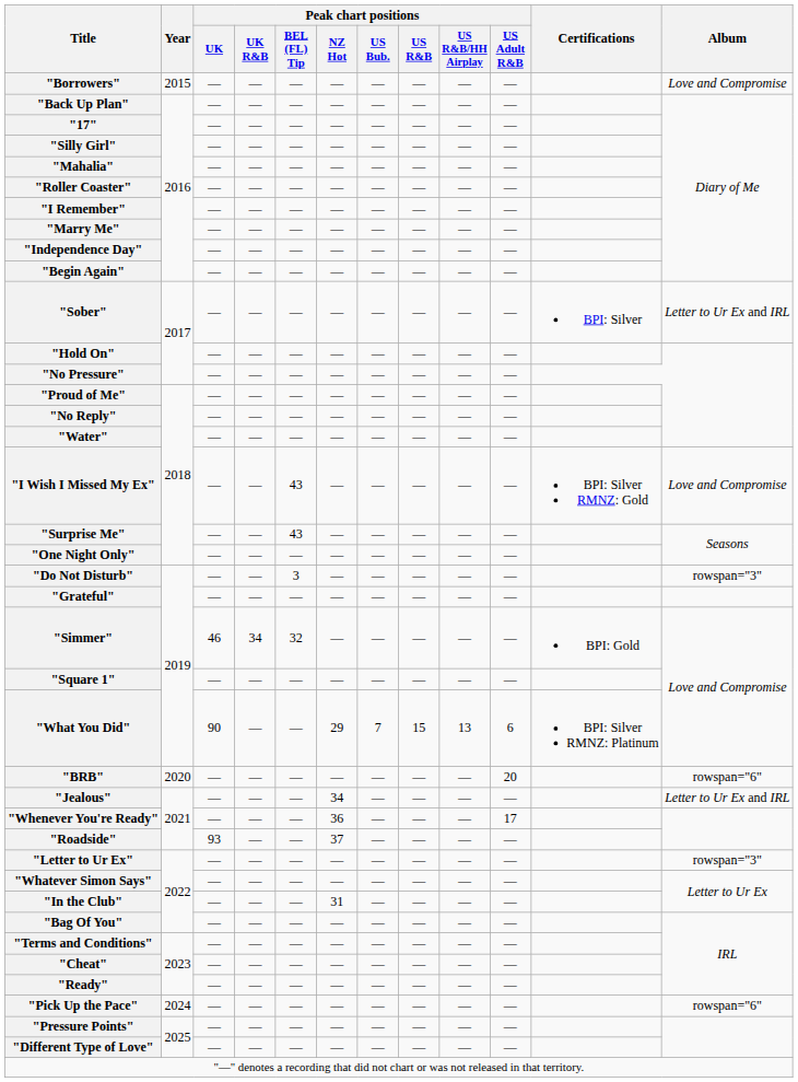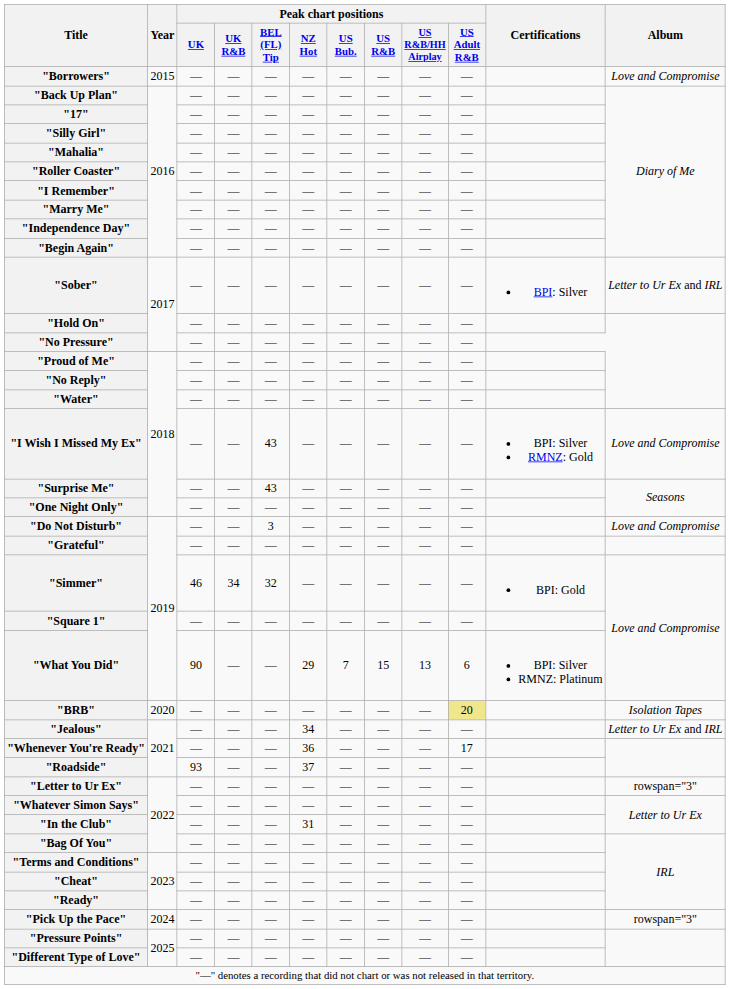 <table class="wikitable plainrowheaders" style="text-align:center;">
 <tr>
 <th scope="col" rowspan="2">Title</th>
 <th scope="col" rowspan="2">Year</th>
 <th scope="col" colspan="8">Peak chart positions</th>
 <th scope="col" rowspan="2">Certifications</th>
 <th scope="col" rowspan="2">Album</th>
 </tr>
 <tr>
 <th scope="col" style="width:3em;font-size:90%;"><a href='#'>UK</a><br></th>
 <th scope="col" style="width:3em;font-size:90%;"><a href='#'>UK<br>R&B</a><br></th>
 <th scope="col" style="width:3em;font-size:90%;"><a href='#'>BEL<br>(FL)<br>Tip</a><br></th>
 <th scope="col" style="width:3em;font-size:90%;"><a href='#'>NZ<br>Hot</a><br></th>
 <th scope="col" style="width:3em;font-size:90%;"><a href='#'>US<br>Bub.</a><br></th>
 <th scope="col" style="width:3em;font-size:90%;"><a href='#'>US<br>R&B</a><br></th>
 <th scope="col" style="width:3em;font-size:85%;"><a href='#'>US<br>R&B/HH<br>Airplay</a><br></th>
 <th scope="col" style="width:3em;font-size:90%;"><a href='#'>US<br>Adult<br>R&B</a><br></th>
 </tr>
 <tr>
 <th scope="row">"Borrowers"</th>
 <td>2015</td>
 <td>—</td>
 <td>—</td>
 <td>—</td>
 <td>—</td>
 <td>—</td>
 <td>—</td>
 <td>—</td>
 <td>—</td>
 <td></td>
 <td><em>Love and Compromise</em></td>
 </tr>
 <tr>
 <th scope="row">"Back Up Plan"</th>
 <td rowspan="9">2016</td>
 <td>—</td>
 <td>—</td>
 <td>—</td>
 <td>—</td>
 <td>—</td>
 <td>—</td>
 <td>—</td>
 <td>—</td>
 <td></td>
 <td rowspan="9"><em>Diary of Me</em></td>
 </tr>
 <tr>
 <th scope="row">"17"</th>
 <td>—</td>
 <td>—</td>
 <td>—</td>
 <td>—</td>
 <td>—</td>
 <td>—</td>
 <td>—</td>
 <td>—</td>
 <td></td>
 </tr>
 <tr>
 <th scope="row">"Silly Girl"</th>
 <td>—</td>
 <td>—</td>
 <td>—</td>
 <td>—</td>
 <td>—</td>
 <td>—</td>
 <td>—</td>
 <td>—</td>
 <td></td>
 </tr>
 <tr>
 <th scope="row">"Mahalia"</th>
 <td>—</td>
 <td>—</td>
 <td>—</td>
 <td>—</td>
 <td>—</td>
 <td>—</td>
 <td>—</td>
 <td>—</td>
 <td></td>
 </tr>
 <tr>
 <th scope="row">"Roller Coaster"</th>
 <td>—</td>
 <td>—</td>
 <td>—</td>
 <td>—</td>
 <td>—</td>
 <td>—</td>
 <td>—</td>
 <td>—</td>
 <td></td>
 </tr>
 <tr>
 <th scope="row">"I Remember"</th>
 <td>—</td>
 <td>—</td>
 <td>—</td>
 <td>—</td>
 <td>—</td>
 <td>—</td>
 <td>—</td>
 <td>—</td>
 <td></td>
 </tr>
 <tr>
 <th scope="row">"Marry Me"</th>
 <td>—</td>
 <td>—</td>
 <td>—</td>
 <td>—</td>
 <td>—</td>
 <td>—</td>
 <td>—</td>
 <td>—</td>
 <td></td>
 </tr>
 <tr>
 <th scope="row">"Independence Day"</th>
 <td>—</td>
 <td>—</td>
 <td>—</td>
 <td>—</td>
 <td>—</td>
 <td>—</td>
 <td>—</td>
 <td>—</td>
 <td></td>
 </tr>
 <tr>
 <th scope="row">"Begin Again"</th>
 <td>—</td>
 <td>—</td>
 <td>—</td>
 <td>—</td>
 <td>—</td>
 <td>—</td>
 <td>—</td>
 <td>—</td>
 <td></td>
 </tr>
 <tr>
 <th scope="row">"Sober"</th>
 <td rowspan="3">2017</td>
 <td>—</td>
 <td>—</td>
 <td>—</td>
 <td>—</td>
 <td>—</td>
 <td>—</td>
 <td>—</td>
 <td>—</td>
 <td><br><ul><li><a href='#'>BPI</a>: Silver</li></ul></td>
 <td><em>Letter to Ur Ex</em> and <em>IRL</em></td>
 </tr>
 <tr>
 <th scope="row">"Hold On"<br></th>
 <td>—</td>
 <td>—</td>
 <td>—</td>
 <td>—</td>
 <td>—</td>
 <td>—</td>
 <td>—</td>
 <td>—</td>
 <td></td>
 </tr>
 <tr>
 <th scope="row">"No Pressure"</th>
 <td>—</td>
 <td>—</td>
 <td>—</td>
 <td>—</td>
 <td>—</td>
 <td>—</td>
 <td>—</td>
 <td>—</td>
 </tr>
 <tr>
 <th scope="row">"Proud of Me"<br></th>
 <td rowspan="6">2018</td>
 <td>—</td>
 <td>—</td>
 <td>—</td>
 <td>—</td>
 <td>—</td>
 <td>—</td>
 <td>—</td>
 <td>—</td>
 <td></td>
 </tr>
 <tr>
 <th scope="row">"No Reply"</th>
 <td>—</td>
 <td>—</td>
 <td>—</td>
 <td>—</td>
 <td>—</td>
 <td>—</td>
 <td>—</td>
 <td>—</td>
 <td></td>
 </tr>
 <tr>
 <th scope="row">"Water"<br></th>
 <td>—</td>
 <td>—</td>
 <td>—</td>
 <td>—</td>
 <td>—</td>
 <td>—</td>
 <td>—</td>
 <td>—</td>
 <td></td>
 </tr>
 <tr>
 <th scope="row">"I Wish I Missed My Ex"</th>
 <td>—</td>
 <td>—</td>
 <td>43</td>
 <td>—</td>
 <td>—</td>
 <td>—</td>
 <td>—</td>
 <td>—</td>
 <td><br><ul><li>BPI: Silver</li><li><a href='#'>RMNZ</a>: Gold</li></ul></td>
 <td><em>Love and Compromise</em></td>
 </tr>
 <tr>
 <th scope="row">"Surprise Me"</th>
 <td>—</td>
 <td>—</td>
 <td>43</td>
 <td>—</td>
 <td>—</td>
 <td>—</td>
 <td>—</td>
 <td>—</td>
 <td></td>
 <td rowspan="2"><em>Seasons</em></td>
 </tr>
 <tr>
 <th scope="row">"One Night Only"<br> </th>
 <td>—</td>
 <td>—</td>
 <td>—</td>
 <td>—</td>
 <td>—</td>
 <td>—</td>
 <td>—</td>
 <td>—</td>
 <td></td>
 </tr>
 <tr>
 <th scope="row">"Do Not Disturb"</th>
 <td rowspan="5">2019</td>
 <td>—</td>
 <td>—</td>
 <td>3</td>
 <td>—</td>
 <td>—</td>
 <td>—</td>
 <td>—</td>
 <td>—</td>
 <td></td>
-<td>rowspan="3" </td>
+<td><em>Love and Compromise</em></td>
 </tr>
 <tr>
 <th scope="row">"Grateful"</th>
 <td>—</td>
 <td>—</td>
 <td>—</td>
 <td>—</td>
 <td>—</td>
 <td>—</td>
 <td>—</td>
 <td>—</td>
 <td></td>
 <td></td>
 </tr>
 <tr>
 <th scope="row">"Simmer"<br></th>
 <td>46</td>
 <td>34</td>
 <td>32</td>
 <td>—</td>
 <td>—</td>
 <td>—</td>
 <td>—</td>
 <td>—</td>
 <td><br><ul><li>BPI: Gold</li></ul></td>
 <td rowspan="3"><em>Love and Compromise</em></td>
 </tr>
 <tr>
 <th scope="row">"Square 1"</th>
 <td>—</td>
 <td>—</td>
 <td>—</td>
 <td>—</td>
 <td>—</td>
 <td>—</td>
 <td>—</td>
 <td>—</td>
 <td></td>
 </tr>
 <tr>
 <th scope="row">"What You Did"<br></th>
 <td>90</td>
 <td>—</td>
 <td>—</td>
 <td>29</td>
 <td>7</td>
 <td>15</td>
 <td>13</td>
 <td>6</td>
 <td><br><ul><li>BPI: Silver</li><li>RMNZ: Platinum</li></ul></td>
 </tr>
 <tr>
 <th scope="row">"BRB"</th>
 <td>2020</td>
 <td>—</td>
 <td>—</td>
 <td>—</td>
 <td>—</td>
 <td>—</td>
 <td>—</td>
 <td>—</td>
-<td>20</td>
+<td style="background: khaki;">20</td>
 <td></td>
-<td>rowspan="6" </td>
+<td><em>Isolation Tapes</em></td>
 </tr>
 <tr>
 <th scope="row">"Jealous"<br></th>
 <td rowspan="3">2021</td>
 <td>—</td>
 <td>—</td>
 <td>—</td>
 <td>34</td>
 <td>—</td>
 <td>—</td>
 <td>—</td>
 <td>—</td>
 <td></td>
 <td><em>Letter to Ur Ex</em> and <em>IRL</em></td>
 </tr>
 <tr>
 <th scope="row">"Whenever You're Ready"</th>
 <td>—</td>
 <td>—</td>
 <td>—</td>
 <td>36</td>
 <td>—</td>
 <td>—</td>
 <td>—</td>
 <td>17</td>
 <td></td>
 </tr>
 <tr>
 <th scope="row">"Roadside"<br></th>
 <td>93</td>
 <td>—</td>
 <td>—</td>
 <td>37</td>
 <td>—</td>
 <td>—</td>
 <td>—</td>
 <td>—</td>
 <td></td>
 </tr>
 <tr>
 <th scope="row">"Letter to Ur Ex"</th>
 <td rowspan="4">2022</td>
 <td>—</td>
 <td>—</td>
 <td>—</td>
 <td>—</td>
 <td>—</td>
 <td>—</td>
 <td>—</td>
 <td>—</td>
 <td></td>
 <td>rowspan="3" </td>
 </tr>
 <tr>
 <th scope="row">"Whatever Simon Says"</th>
 <td>—</td>
 <td>—</td>
 <td>—</td>
 <td>—</td>
 <td>—</td>
 <td>—</td>
 <td>—</td>
 <td>—</td>
 <td></td>
 <td rowspan="2"><em>Letter to Ur Ex</em></td>
 </tr>
 <tr>
 <th scope="row">"In the Club"</th>
 <td>—</td>
 <td>—</td>
 <td>—</td>
 <td>31</td>
 <td>—</td>
 <td>—</td>
 <td>—</td>
 <td>—</td>
 <td></td>
 </tr>
 <tr>
 <th scope="row">"Bag Of You"</th>
 <td>—</td>
 <td>—</td>
 <td>—</td>
 <td>—</td>
 <td>—</td>
 <td>—</td>
 <td>—</td>
 <td>—</td>
 <td></td>
 <td rowspan="4"><em>IRL</em></td>
 </tr>
 <tr>
 <th scope="row">"Terms and Conditions"</th>
 <td rowspan="3">2023</td>
 <td>—</td>
 <td>—</td>
 <td>—</td>
 <td>—</td>
 <td>—</td>
 <td>—</td>
 <td>—</td>
 <td>—</td>
 <td></td>
 </tr>
 <tr>
 <th scope="row">"Cheat"<br></th>
 <td>—</td>
 <td>—</td>
 <td>—</td>
 <td>—</td>
 <td>—</td>
 <td>—</td>
 <td>—</td>
 <td>—</td>
 <td></td>
 </tr>
 <tr>
 <th scope="row">"Ready"</th>
 <td>—</td>
 <td>—</td>
 <td>—</td>
 <td>—</td>
 <td>—</td>
 <td>—</td>
 <td>—</td>
 <td>—</td>
 <td></td>
 </tr>
 <tr>
 <th scope="row">"Pick Up the Pace"<br></th>
 <td>2024</td>
 <td>—</td>
 <td>—</td>
 <td>—</td>
 <td>—</td>
 <td>—</td>
 <td>—</td>
 <td>—</td>
 <td>—</td>
 <td></td>
-<td>rowspan="6" </td>
+<td>rowspan="3" </td>
 </tr>
 <tr>
 <th scope="row">"Pressure Points"<br></th>
 <td rowspan="2">2025</td>
 <td>—</td>
 <td>—</td>
 <td>—</td>
 <td>—</td>
 <td>—</td>
 <td>—</td>
 <td>—</td>
 <td>—</td>
 <td></td>
 </tr>
 <tr>
 <th scope="row">"Different Type of Love"<br></th>
 <td>—</td>
 <td>—</td>
 <td>—</td>
 <td>—</td>
 <td>—</td>
 <td>—</td>
 <td>—</td>
 <td>—</td>
 <td></td>
 </tr>
 <tr>
 <td colspan="12" style="font-size:90%">"—" denotes a recording that did not chart or was not released in that territory.</td>
 </tr>
 </table>
